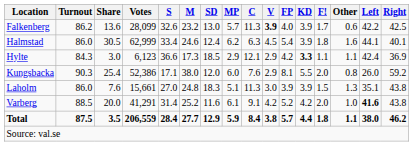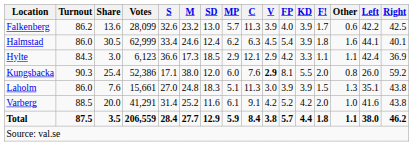 <table class="wikitable sortable" style=text-align:right>
 <tr>
 <th>Location</th>
 <th>Turnout</th>
 <th>Share</th>
 <th>Votes</th>
 <th><a href='#'>S</a></th>
 <th><a href='#'>M</a></th>
 <th><a href='#'>SD</a></th>
 <th><a href='#'>MP</a></th>
 <th><a href='#'>C</a></th>
 <th><a href='#'>V</a></th>
 <th><a href='#'>FP</a></th>
 <th><a href='#'>KD</a></th>
 <th><a href='#'>F!</a></th>
 <th>Other</th>
 <th><a href='#'>Left</a></th>
 <th><a href='#'>Right</a></th>
 </tr>
 <tr>
 <td align=left><a href='#'>Falkenberg</a></td>
 <td>86.2</td>
 <td>13.6</td>
 <td>28,099</td>
 <td>32.6</td>
 <td>23.2</td>
 <td>13.0</td>
 <td>5.7</td>
 <td>11.3</td>
-<td><strong>3.9</strong></td>
+<td>3.9</td>
 <td>4.0</td>
 <td>3.9</td>
 <td>1.7</td>
 <td>0.6</td>
 <td>42.2</td>
 <td>42.5</td>
 </tr>
 <tr>
 <td align=left><a href='#'>Halmstad</a></td>
 <td>86.0</td>
 <td>30.5</td>
 <td>62,999</td>
 <td>33.4</td>
 <td>24.6</td>
 <td>12.4</td>
 <td>6.2</td>
 <td>6.3</td>
 <td>4.5</td>
 <td>5.4</td>
 <td>3.9</td>
 <td>1.8</td>
 <td>1.6</td>
 <td>44.1</td>
 <td>40.1</td>
 </tr>
 <tr>
 <td align=left><a href='#'>Hylte</a></td>
 <td>84.3</td>
 <td>3.0</td>
 <td>6,123</td>
 <td>36.6</td>
 <td>17.3</td>
 <td>18.5</td>
 <td>2.9</td>
 <td>12.1</td>
 <td>2.9</td>
 <td>4.2</td>
-<td><strong>3.3</strong></td>
+<td>3.3</td>
 <td>1.1</td>
 <td>1.1</td>
 <td>42.4</td>
 <td>36.9</td>
 </tr>
 <tr>
 <td align=left><a href='#'>Kungsbacka</a></td>
 <td>90.3</td>
 <td>25.4</td>
 <td>52,386</td>
 <td>17.1</td>
 <td>38.0</td>
 <td>12.0</td>
 <td>6.0</td>
 <td>7.6</td>
-<td>2.9</td>
+<td><strong>2.9</strong></td>
 <td>8.1</td>
 <td>5.5</td>
 <td>2.0</td>
 <td>0.8</td>
 <td>26.0</td>
 <td>59.2</td>
 </tr>
 <tr>
 <td align=left><a href='#'>Laholm</a></td>
 <td>86.0</td>
 <td>7.6</td>
 <td>15,661</td>
 <td>27.0</td>
 <td>24.8</td>
 <td>18.3</td>
 <td>5.1</td>
 <td>11.3</td>
 <td>3.0</td>
 <td>3.9</td>
 <td>3.9</td>
 <td>1.5</td>
 <td>1.3</td>
 <td>35.1</td>
 <td>43.8</td>
 </tr>
 <tr>
 <td align=left><a href='#'>Varberg</a></td>
 <td>88.5</td>
 <td>20.0</td>
 <td>41,291</td>
 <td>31.4</td>
 <td>25.2</td>
 <td>11.6</td>
 <td>6.1</td>
 <td>9.1</td>
 <td>4.2</td>
 <td>5.2</td>
 <td>4.2</td>
 <td>2.0</td>
 <td>1.0</td>
-<td><strong>41.6</strong></td>
+<td>41.6</td>
 <td>43.8</td>
 </tr>
 <tr>
 <td align=left><strong>Total</strong></td>
 <td><strong>87.5</strong></td>
 <td><strong>3.5</strong></td>
 <td><strong>206,559</strong></td>
 <td><strong>28.4</strong></td>
 <td><strong>27.7</strong></td>
 <td><strong>12.9</strong></td>
 <td><strong>5.9</strong></td>
 <td><strong>8.4</strong></td>
 <td><strong>3.8</strong></td>
 <td><strong>5.7</strong></td>
 <td><strong>4.4</strong></td>
 <td><strong>1.8</strong></td>
 <td><strong>1.1</strong></td>
 <td><strong>38.0</strong></td>
 <td><strong>46.2</strong></td>
 </tr>
 <tr>
 <td align=left colspan=16>Source: val.se </td>
 </tr>
 </table>
